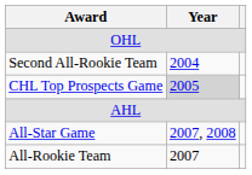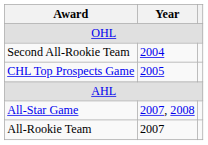 <table class="wikitable">
 <tr>
 <th>Award</th>
 <th>Year</th>
 <th></th>
 </tr>
 <tr ALIGN="center" bgcolor="#e0e0e0">
 <td colspan="3"><a href='#'>OHL</a></td>
 </tr>
 <tr>
 <td>Second All-Rookie Team</td>
 <td><a href='#'>2004</a></td>
 <td></td>
 </tr>
 <tr>
 <td><a href='#'>CHL Top Prospects Game</a></td>
-<td style="background: lightgrey;"><a href='#'>2005</a></td>
+<td><a href='#'>2005</a></td>
 <td></td>
 </tr>
 <tr ALIGN="center" bgcolor="#e0e0e0">
 <td colspan="3"><a href='#'>AHL</a></td>
 </tr>
 <tr>
 <td><a href='#'>All-Star Game</a></td>
 <td><a href='#'>2007</a>, <a href='#'>2008</a></td>
 <td></td>
 </tr>
 <tr>
 <td>All-Rookie Team</td>
 <td>2007</td>
 <td></td>
 </tr>
 </table>
